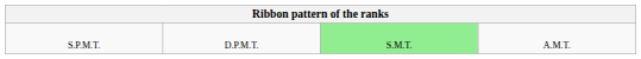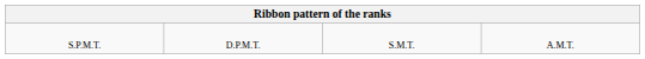 <table align=center class=wikitable width=70%>
 <tr>
 <th colspan=4>Ribbon pattern of the ranks </th>
 </tr>
 <tr>
 <td width=25% valign=top align=center><br><small>S.P.M.T.</small></td>
 <td width=25% valign=top align=center><br><small>D.P.M.T.</small></td>
-<td width=25% valign=top align=center style="background: lightgreen;"><br><small>S.M.T.</small></td>
+<td width=25% valign=top align=center><br><small>S.M.T.</small></td>
 <td width=25% valign=top align=center><br><small>A.M.T.</small></td>
 </tr>
 </table>
